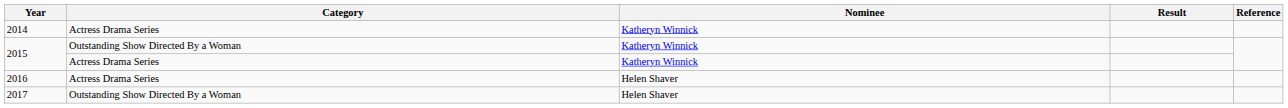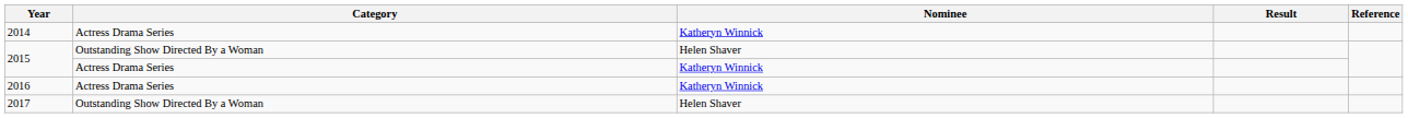 <table class="wikitable">
 <tr>
 <th width=5%>Year</th>
 <th width=45%>Category</th>
 <th width=40%>Nominee</th>
 <th width=10%>Result</th>
 <th width=5%>Reference</th>
 </tr>
 <tr>
 <td>2014</td>
 <td>Actress Drama Series</td>
 <td><a href='#'>Katheryn Winnick</a></td>
 <td></td>
 <td></td>
 </tr>
 <tr>
 <td rowspan="2">2015</td>
 <td>Outstanding Show Directed By a Woman</td>
-<td><a href='#'>Katheryn Winnick</a></td>
+<td>Helen Shaver</td>
 <td></td>
 <td rowspan="2"></td>
 </tr>
 <tr>
 <td>Actress Drama Series</td>
 <td><a href='#'>Katheryn Winnick</a></td>
 <td></td>
 </tr>
 <tr>
 <td>2016</td>
 <td>Actress Drama Series</td>
-<td>Helen Shaver</td>
+<td><a href='#'>Katheryn Winnick</a></td>
 <td></td>
 <td></td>
 </tr>
 <tr>
 <td>2017</td>
 <td>Outstanding Show Directed By a Woman</td>
 <td>Helen Shaver</td>
 <td></td>
 <td></td>
 </tr>
 </table>
